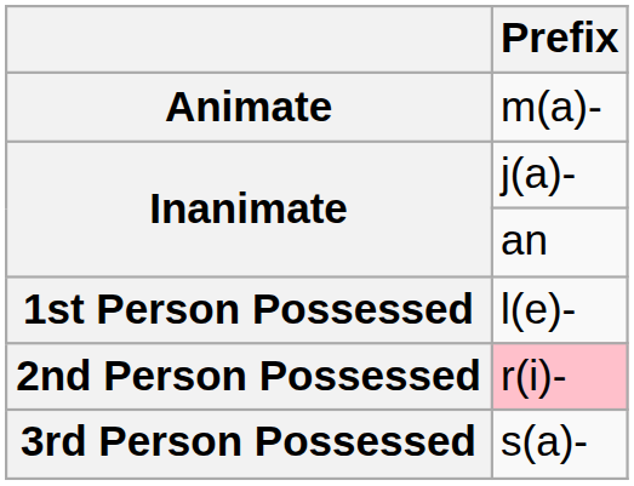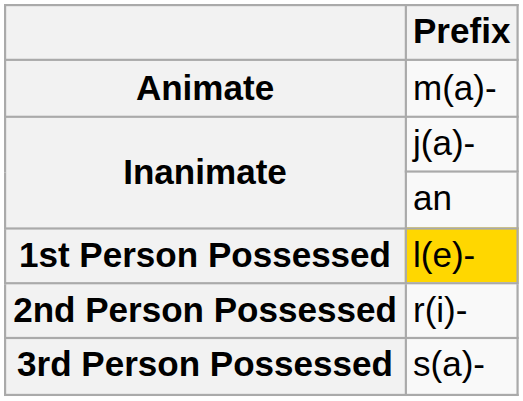 <table class="wikitable">
 <tr>
 <th></th>
 <th>Prefix</th>
 </tr>
 <tr>
 <th>Animate</th>
 <td>m(a)-</td>
 </tr>
 <tr>
 <th rowspan="2">Inanimate</th>
 <td>j(a)-</td>
 </tr>
 <tr>
 <td>an</td>
 </tr>
 <tr>
 <th>1st Person Possessed</th>
-<td>l(e)-</td>
+<td style="background: gold;">l(e)-</td>
 </tr>
 <tr>
 <th>2nd Person Possessed</th>
-<td style="background: pink;">r(i)-</td>
+<td>r(i)-</td>
 </tr>
 <tr>
 <th>3rd Person Possessed</th>
 <td>s(a)-</td>
 </tr>
 </table>
